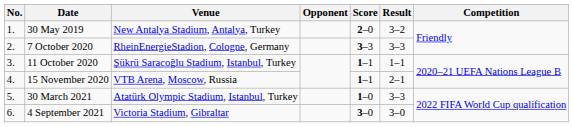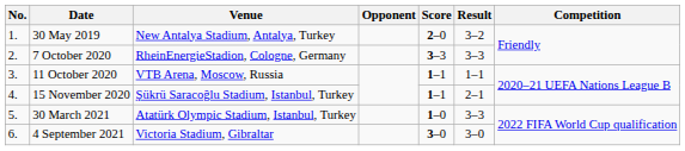 <table class="wikitable">
 <tr>
 <th>No.</th>
 <th>Date</th>
 <th>Venue</th>
 <th>Opponent</th>
 <th>Score</th>
 <th>Result</th>
 <th>Competition</th>
 </tr>
 <tr>
 <td>1.</td>
 <td>30 May 2019</td>
 <td><a href='#'>New Antalya Stadium</a>, <a href='#'>Antalya</a>, Turkey</td>
 <td></td>
 <td align=center><strong>2</strong>–0</td>
 <td align=center>3–2</td>
 <td rowspan=2><a href='#'>Friendly</a></td>
 </tr>
 <tr>
 <td>2.</td>
 <td>7 October 2020</td>
 <td><a href='#'>RheinEnergieStadion</a>, <a href='#'>Cologne</a>, Germany</td>
 <td></td>
 <td align=center><strong>3</strong>–3</td>
 <td align=center>3–3</td>
 </tr>
 <tr>
 <td>3.</td>
 <td>11 October 2020</td>
-<td><a href='#'>Şükrü Saracoğlu Stadium</a>, <a href='#'>Istanbul</a>, Turkey</td>
+<td><a href='#'>VTB Arena</a>, <a href='#'>Moscow</a>, Russia</td>
 <td rowspan=2></td>
 <td align=center><strong>1</strong>–1</td>
 <td align=center>1–1</td>
 <td rowspan=2><a href='#'>2020–21 UEFA Nations League B</a></td>
 </tr>
 <tr>
 <td>4.</td>
 <td>15 November 2020</td>
-<td><a href='#'>VTB Arena</a>, <a href='#'>Moscow</a>, Russia</td>
+<td><a href='#'>Şükrü Saracoğlu Stadium</a>, <a href='#'>Istanbul</a>, Turkey</td>
 <td align=center><strong>1</strong>–1</td>
 <td align=center>2–1</td>
 </tr>
 <tr>
 <td>5.</td>
 <td>30 March 2021</td>
 <td><a href='#'>Atatürk Olympic Stadium</a>, <a href='#'>Istanbul</a>, Turkey</td>
 <td></td>
 <td align=center><strong>1</strong>–0</td>
 <td align=center>3–3</td>
 <td rowspan=2><a href='#'>2022 FIFA World Cup qualification</a></td>
 </tr>
 <tr>
 <td>6.</td>
 <td>4 September 2021</td>
 <td><a href='#'>Victoria Stadium</a>, <a href='#'>Gibraltar</a></td>
 <td></td>
 <td align=center><strong>3</strong>–0</td>
 <td align=center>3–0</td>
 </tr>
 </table>
